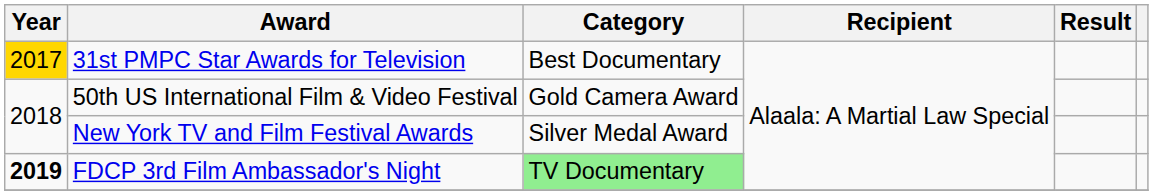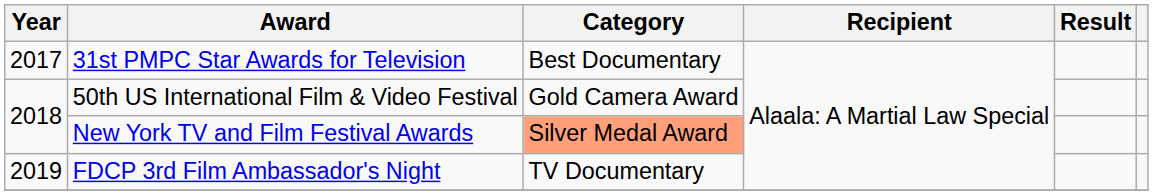 <table class="wikitable">
 <tr>
 <th>Year</th>
 <th>Award</th>
 <th>Category</th>
 <th>Recipient</th>
 <th>Result</th>
 <th></th>
 </tr>
 <tr>
-<td style="background: gold;">2017</td>
+<td>2017</td>
 <td><a href='#'>31st PMPC Star Awards for Television</a></td>
 <td>Best Documentary</td>
 <td rowspan="4">Alaala: A Martial Law Special</td>
 <td></td>
 <td></td>
 </tr>
 <tr>
 <td rowspan="2">2018</td>
 <td>50th US International Film & Video Festival</td>
 <td>Gold Camera Award</td>
 <td></td>
 <td></td>
 </tr>
 <tr>
 <td><a href='#'>New York TV and Film Festival Awards</a></td>
-<td>Silver Medal Award</td>
+<td style="background: lightsalmon;">Silver Medal Award</td>
 <td></td>
 <td></td>
 </tr>
 <tr>
-<td><strong>2019</strong></td>
+<td>2019</td>
 <td><a href='#'>FDCP 3rd Film Ambassador's Night</a></td>
-<td style="background: lightgreen;">TV Documentary</td>
+<td>TV Documentary</td>
 <td></td>
 <td></td>
 </tr>
 <tr>
 </tr>
 </table>
